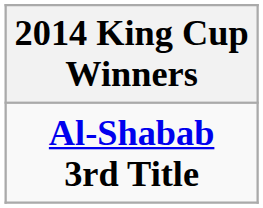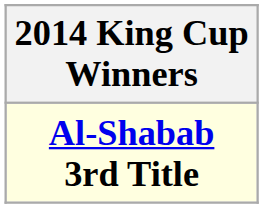 <table class="wikitable" style="text-align: center; margin: 0 auto;">
 <tr>
 <th>2014 King Cup <br>Winners</th>
 </tr>
 <tr>
-<td><strong><a href='#'>Al-Shabab</a></strong><br><strong>3rd Title</strong></td>
+<td style="background: lightyellow;"><strong><a href='#'>Al-Shabab</a></strong><br><strong>3rd Title</strong></td>
 </tr>
 </table>
